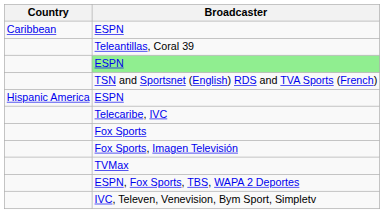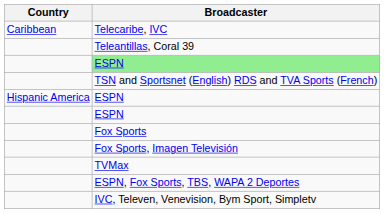 <table class="wikitable">
 <tr>
 <th>Country</th>
 <th>Broadcaster</th>
 </tr>
 <tr>
 <td> <a href='#'>Caribbean</a></td>
-<td><a href='#'>ESPN</a></td>
+<td><a href='#'>Telecaribe</a>, <a href='#'>IVC</a></td>
 </tr>
 <tr>
 <td></td>
 <td><a href='#'>Teleantillas</a>, Coral 39</td>
 </tr>
 <tr>
 <td></td>
 <td style="background: lightgreen;"><a href='#'>ESPN</a></td>
 </tr>
 <tr>
 <td></td>
 <td><a href='#'>TSN</a> and <a href='#'>Sportsnet</a> (<a href='#'>English</a>) <a href='#'>RDS</a> and <a href='#'>TVA Sports</a> (<a href='#'>French</a>)</td>
 </tr>
 <tr>
 <td><a href='#'>Hispanic America</a></td>
 <td><a href='#'>ESPN</a></td>
 </tr>
 <tr>
 <td></td>
-<td><a href='#'>Telecaribe</a>, <a href='#'>IVC</a></td>
+<td><a href='#'>ESPN</a></td>
 </tr>
 <tr>
 <td></td>
 <td><a href='#'>Fox Sports</a></td>
 </tr>
 <tr>
 <td></td>
 <td><a href='#'>Fox Sports</a>, <a href='#'>Imagen Televisión</a></td>
 </tr>
 <tr>
 <td></td>
 <td><a href='#'>TVMax</a></td>
 </tr>
 <tr>
 <td></td>
 <td><a href='#'>ESPN</a>, <a href='#'>Fox Sports</a>, <a href='#'>TBS</a>, <a href='#'>WAPA 2 Deportes</a></td>
 </tr>
 <tr>
 <td></td>
 <td><a href='#'>IVC</a>, Televen, Venevision, Bym Sport, Simpletv</td>
 </tr>
 </table>
